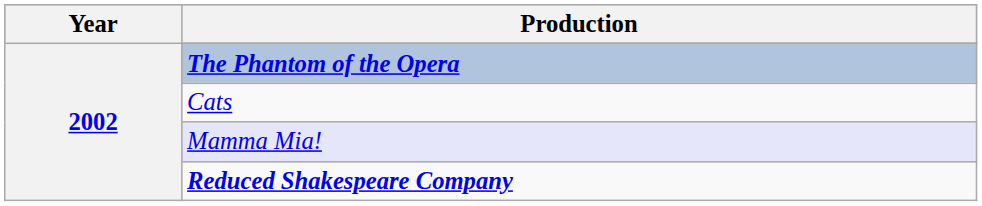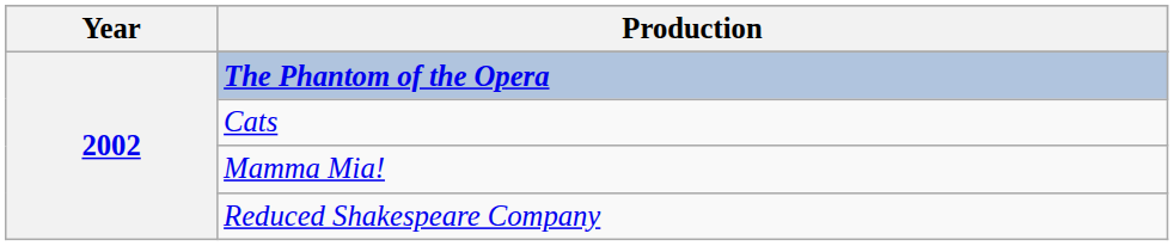 <table class="wikitable" style="width:50%;">
 <tr style="background:#bebebe;">
 <th style="width:10%;">Year</th>
 <th style="width:45%;">Production</th>
 </tr>
 <tr>
 <th rowspan="5" align="center"><a href='#'>2002</a></th>
 </tr>
 <tr style="background:#B0C4DE">
 <td><strong><em><a href='#'>The Phantom of the Opera</a></em></strong></td>
 </tr>
 <tr>
 <td><em><a href='#'>Cats</a></em></td>
 </tr>
 <tr>
-<td style="background: lavender;"><em><a href='#'>Mamma Mia!</a></em></td>
+<td><em><a href='#'>Mamma Mia!</a></em></td>
 </tr>
 <tr>
-<td><strong><em><a href='#'>Reduced Shakespeare Company</a></em></strong></td>
+<td><em><a href='#'>Reduced Shakespeare Company</a></em></td>
 </tr>
 </table>
